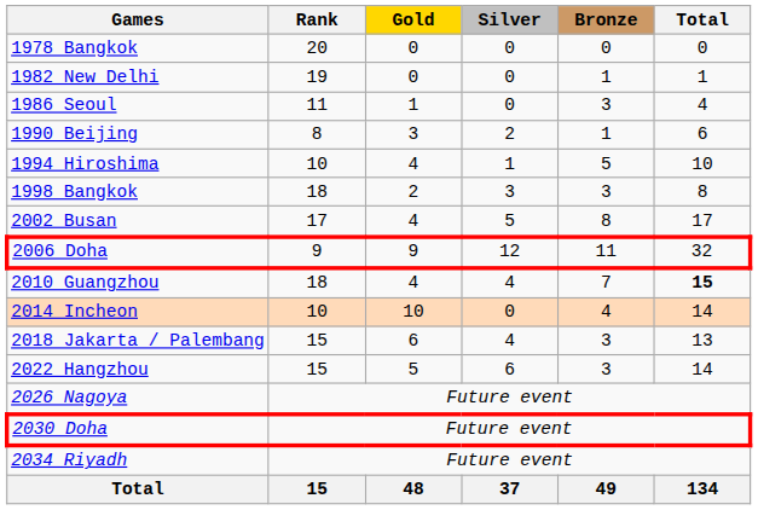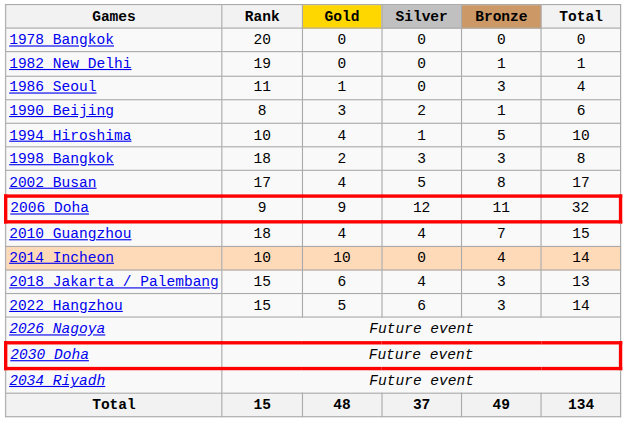 <table class="wikitable sortable" style="margin-top:0em; text-align:center; font-size:100%;">
 <tr>
 <th>Games</th>
 <th style="width:5em;">Rank</th>
 <th style="background:gold; width:5em;"><strong>Gold</strong></th>
 <th style="background:silver; width:5em;"><strong>Silver</strong></th>
 <th style="background:#cc9966; width:5em;"><strong>Bronze</strong></th>
 <th style="width:5em;">Total</th>
 </tr>
 <tr>
 <td align=left><a href='#'>1978 Bangkok</a></td>
 <td>20</td>
 <td>0</td>
 <td>0</td>
 <td>0</td>
 <td>0</td>
 </tr>
 <tr>
 <td align=left><a href='#'>1982 New Delhi</a></td>
 <td>19</td>
 <td>0</td>
 <td>0</td>
 <td>1</td>
 <td>1</td>
 </tr>
 <tr>
 <td align=left><a href='#'>1986 Seoul</a></td>
 <td>11</td>
 <td>1</td>
 <td>0</td>
 <td>3</td>
 <td>4</td>
 </tr>
 <tr>
 <td align=left><a href='#'>1990 Beijing</a></td>
 <td>8</td>
 <td>3</td>
 <td>2</td>
 <td>1</td>
 <td>6</td>
 </tr>
 <tr>
 <td align=left><a href='#'>1994 Hiroshima</a></td>
 <td>10</td>
 <td>4</td>
 <td>1</td>
 <td>5</td>
 <td>10</td>
 </tr>
 <tr>
 <td align=left><a href='#'>1998 Bangkok</a></td>
 <td>18</td>
 <td>2</td>
 <td>3</td>
 <td>3</td>
 <td>8</td>
 </tr>
 <tr>
 <td align=left><a href='#'>2002 Busan</a></td>
 <td>17</td>
 <td>4</td>
 <td>5</td>
 <td>8</td>
 <td>17</td>
 </tr>
 <tr style="border: 3px solid red">
 <td align=left><a href='#'>2006 Doha</a></td>
 <td>9</td>
 <td>9</td>
 <td>12</td>
 <td>11</td>
 <td>32</td>
 </tr>
 <tr>
 <td align=left><a href='#'>2010 Guangzhou</a></td>
 <td>18</td>
 <td>4</td>
 <td>4</td>
 <td>7</td>
-<td><strong>15</strong></td>
+<td>15</td>
 </tr>
 <tr bgcolor=ffdab9>
 <td align=left><a href='#'>2014 Incheon</a></td>
 <td>10</td>
 <td>10</td>
 <td>0</td>
 <td>4</td>
 <td>14</td>
 </tr>
 <tr>
 <td align=left><a href='#'>2018 Jakarta / Palembang</a></td>
 <td>15</td>
 <td>6</td>
 <td>4</td>
 <td>3</td>
 <td>13</td>
 </tr>
 <tr>
 <td align=left><a href='#'>2022 Hangzhou</a></td>
 <td>15</td>
 <td>5</td>
 <td>6</td>
 <td>3</td>
 <td>14</td>
 </tr>
 <tr>
 <td align=left><em><a href='#'>2026 Nagoya</a></em></td>
 <td colspan=5><em>Future event</em></td>
 </tr>
 <tr style="border: 3px solid red">
 <td align=left><em><a href='#'>2030 Doha</a></em></td>
 <td colspan=5><em>Future event</em></td>
 </tr>
 <tr>
 <td align=left><em><a href='#'>2034 Riyadh</a></em></td>
 <td colspan=5><em>Future event</em></td>
 </tr>
 <tr>
 <th>Total</th>
 <th>15</th>
 <th>48</th>
 <th>37</th>
 <th>49</th>
 <th>134</th>
 </tr>
 </table>
